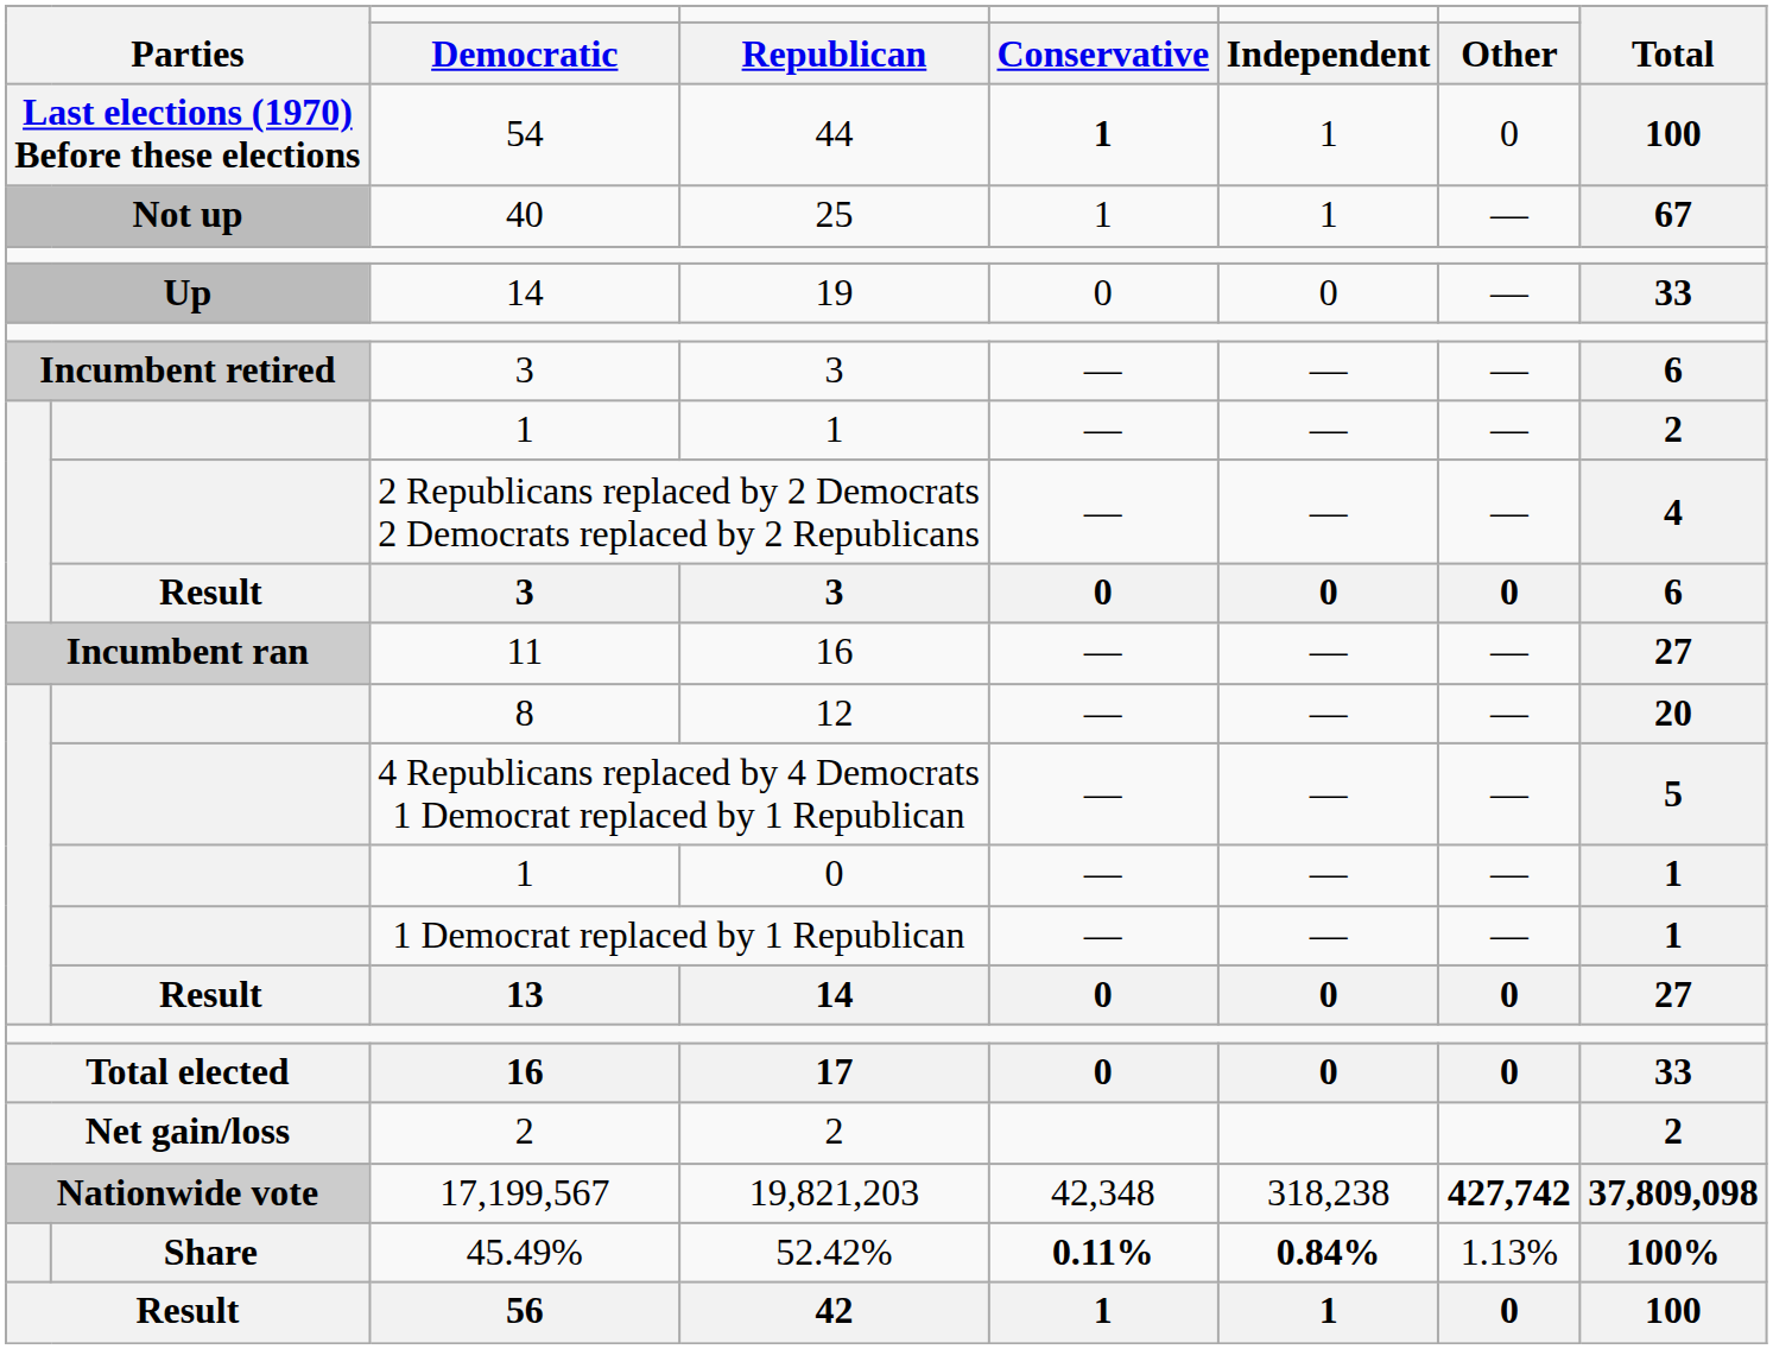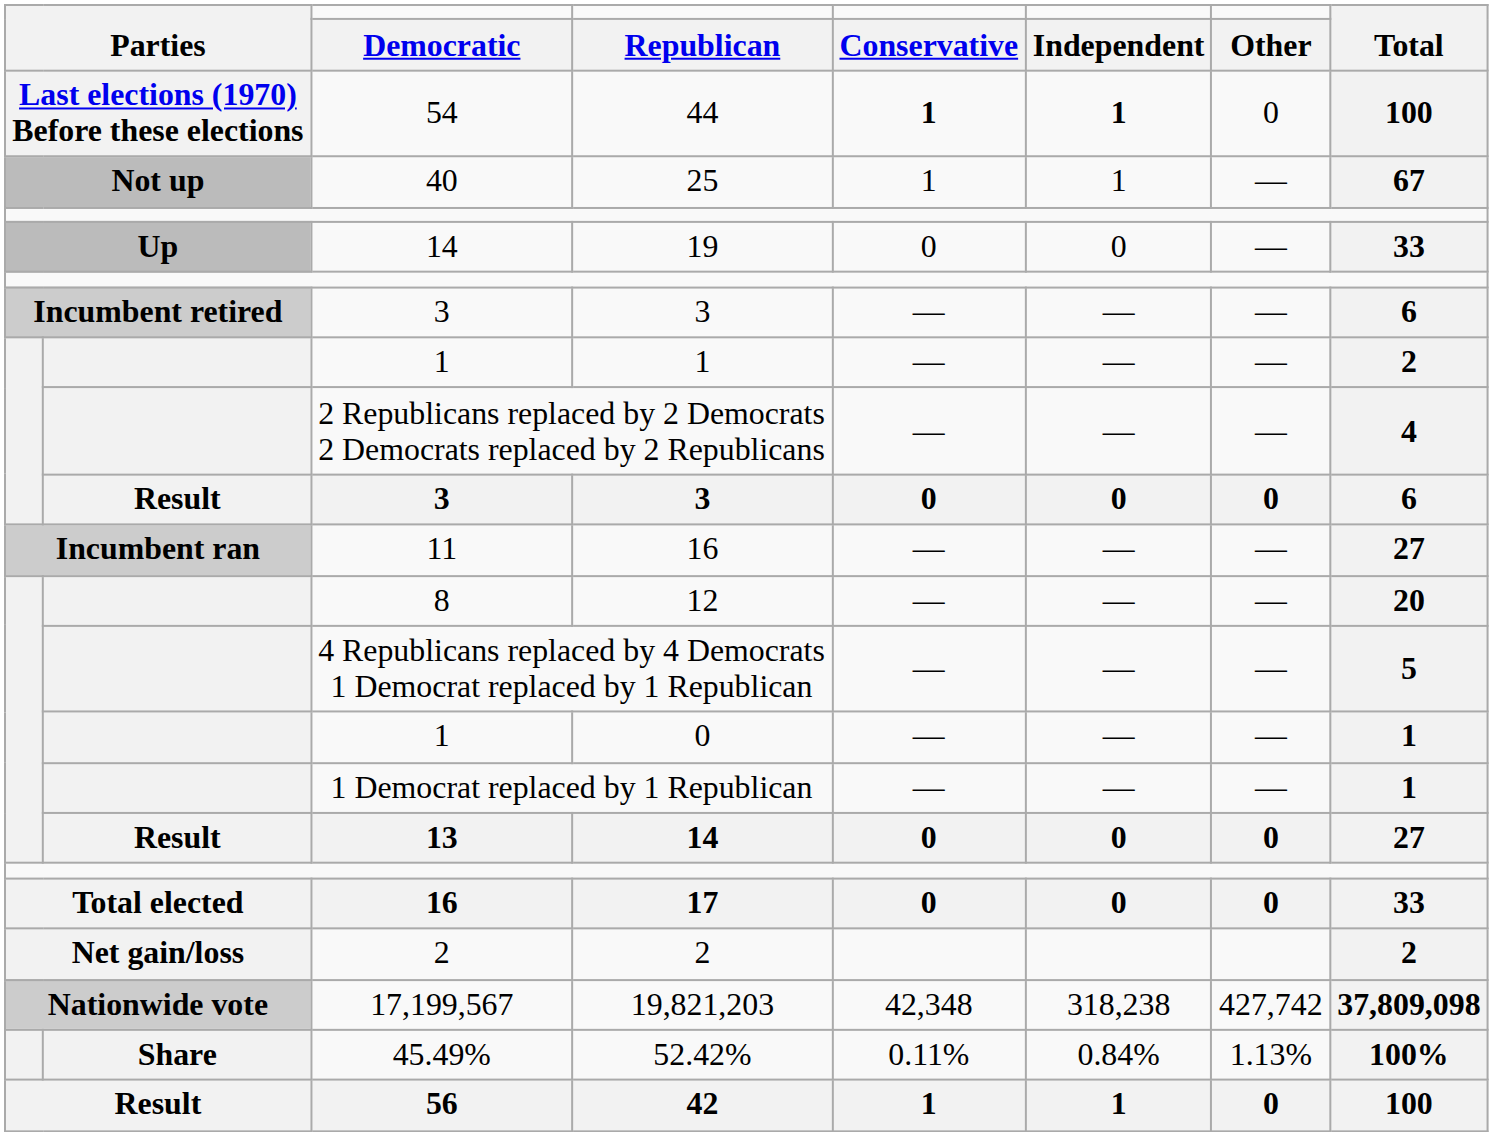 <table class=wikitable style=text-align:center>
 <tr valign=bottom>
 <th rowspan=2 colspan=2>Parties</th>
 <td style="background-color:"></td>
 <td style="background-color:"></td>
 <td style="background-color:"></td>
 <td style="background-color:"></td>
 <td style="background-color:"></td>
 <th rowspan=2>Total</th>
 </tr>
 <tr valign=bottom>
 <th><a href='#'>Democratic</a></th>
 <th><a href='#'>Republican</a></th>
 <th><a href='#'>Conservative</a></th>
 <th>Independent</th>
 <th>Other</th>
 </tr>
 <tr>
 <th colspan=2><a href='#'>Last elections (1970)</a><br>Before these elections</th>
 <td>54</td>
 <td>44</td>
 <td><strong>1</strong></td>
-<td>1</td>
+<td><strong>1</strong></td>
 <td>0</td>
 <th>100</th>
 </tr>
 <tr>
 <th colspan=2 style="background:#bbb">Not up</th>
 <td>40</td>
 <td>25</td>
 <td>1</td>
 <td>1</td>
 <td>—</td>
 <th>67</th>
 </tr>
 <tr>
 <td colspan=100></td>
 </tr>
 <tr>
 <th colspan=2 style="background:#bbb">Up<br></th>
 <td>14</td>
 <td>19</td>
 <td>0</td>
 <td>0</td>
 <td>—</td>
 <th>33</th>
 </tr>
 <tr>
 <td colspan=100></td>
 </tr>
 <tr>
 <th colspan=2 style="background:#ccc">Incumbent retired</th>
 <td>3</td>
 <td>3</td>
 <td>—</td>
 <td>—</td>
 <td>—</td>
 <th>6</th>
 </tr>
 <tr>
 <th rowspan=3></th>
 <th></th>
 <td>1</td>
 <td>1</td>
 <td>—</td>
 <td>—</td>
 <td>—</td>
 <th>2</th>
 </tr>
 <tr>
 <th></th>
 <td colspan=2>2 Republicans replaced by 2 Democrats<br>2 Democrats replaced by 2 Republicans</td>
 <td>—</td>
 <td>—</td>
 <td>—</td>
 <th>4</th>
 </tr>
 <tr>
 <th>Result</th>
 <th>3</th>
 <th>3</th>
 <th>0</th>
 <th>0</th>
 <th>0</th>
 <th>6</th>
 </tr>
 <tr>
 <th colspan=2 style="background:#ccc">Incumbent ran</th>
 <td>11</td>
 <td>16</td>
 <td>—</td>
 <td>—</td>
 <td>—</td>
 <th>27</th>
 </tr>
 <tr>
 <th rowspan=5></th>
 <th></th>
 <td>8</td>
 <td>12</td>
 <td>—</td>
 <td>—</td>
 <td>—</td>
 <th>20</th>
 </tr>
 <tr>
 <th></th>
 <td colspan=2 >4 Republicans replaced by 4 Democrats<br>1 Democrat replaced by 1 Republican</td>
 <td>—</td>
 <td>—</td>
 <td>—</td>
 <th>5</th>
 </tr>
 <tr>
 <th></th>
 <td>1</td>
 <td>0</td>
 <td>—</td>
 <td>—</td>
 <td>—</td>
 <th>1</th>
 </tr>
 <tr>
 <th></th>
 <td colspan=2 >1 Democrat replaced by 1 Republican </td>
 <td>—</td>
 <td>—</td>
 <td>—</td>
 <th>1</th>
 </tr>
 <tr>
 <th>Result</th>
 <th>13</th>
 <th>14</th>
 <th>0</th>
 <th>0</th>
 <th>0</th>
 <th>27</th>
 </tr>
 <tr>
 <td colspan=100></td>
 </tr>
 <tr>
 <th colspan=2>Total elected</th>
 <th>16</th>
 <th>17</th>
 <th>0</th>
 <th>0</th>
 <th>0</th>
 <th>33</th>
 </tr>
 <tr>
 <th colspan=2>Net gain/loss</th>
 <td>2</td>
 <td>2</td>
 <td></td>
 <td></td>
 <td></td>
 <th>2</th>
 </tr>
 <tr>
 <th colspan=2 style="background:#ccc">Nationwide vote</th>
 <td>17,199,567</td>
 <td>19,821,203</td>
 <td>42,348</td>
 <td>318,238</td>
-<td><strong>427,742</strong></td>
+<td>427,742</td>
 <th>37,809,098</th>
 </tr>
 <tr>
 <th></th>
 <th>Share</th>
 <td>45.49%</td>
 <td>52.42%</td>
-<td><strong>0.11%</strong></td>
-<td><strong>0.84%</strong></td>
+<td>0.11%</td>
+<td>0.84%</td>
 <td>1.13%</td>
 <th>100%</th>
 </tr>
 <tr>
 <th colspan=2>Result</th>
 <th>56</th>
 <th>42</th>
 <th>1</th>
 <th>1</th>
 <th>0</th>
 <th>100</th>
 </tr>
 </table>
